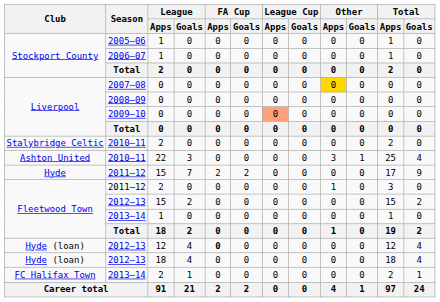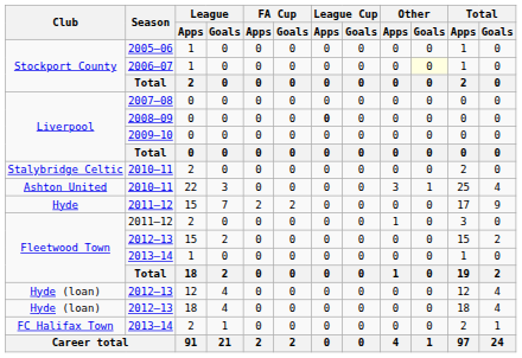 <table class="wikitable" style="text-align: center;">
 <tr>
 <th rowspan="2">Club</th>
 <th rowspan="2">Season</th>
 <th colspan="2">League</th>
 <th colspan="2">FA Cup</th>
 <th colspan="2">League Cup</th>
 <th colspan="2">Other</th>
 <th colspan="2">Total</th>
 </tr>
 <tr>
 <th>Apps</th>
 <th>Goals</th>
 <th>Apps</th>
 <th>Goals</th>
 <th>Apps</th>
 <th>Goals</th>
 <th>Apps</th>
 <th>Goals</th>
 <th>Apps</th>
 <th>Goals</th>
 </tr>
 <tr>
 <td rowspan="3"><a href='#'>Stockport County</a></td>
 <td><a href='#'>2005–06</a></td>
 <td>1</td>
 <td>0</td>
 <td>0</td>
 <td>0</td>
 <td>0</td>
 <td>0</td>
 <td>0</td>
 <td>0</td>
 <td>1</td>
 <td>0</td>
 </tr>
 <tr>
 <td><a href='#'>2006–07</a></td>
 <td>1</td>
 <td>0</td>
 <td>0</td>
 <td>0</td>
 <td>0</td>
 <td>0</td>
 <td>0</td>
-<td>0</td>
+<td style="background: lightyellow;">0</td>
 <td>1</td>
 <td>0</td>
 </tr>
 <tr>
 <th>Total</th>
 <th>2</th>
 <th>0</th>
 <th>0</th>
 <th>0</th>
 <th>0</th>
 <th>0</th>
 <th>0</th>
 <th>0</th>
 <th>2</th>
 <th>0</th>
 </tr>
 <tr>
 <td rowspan="4"><a href='#'>Liverpool</a></td>
 <td><a href='#'>2007–08</a></td>
 <td>0</td>
 <td>0</td>
 <td>0</td>
 <td>0</td>
 <td>0</td>
 <td>0</td>
-<td style="background: gold;">0</td>
+<td>0</td>
 <td>0</td>
 <td>0</td>
 <td>0</td>
 </tr>
 <tr>
 <td><a href='#'>2008–09</a></td>
 <td>0</td>
 <td>0</td>
 <td>0</td>
 <td>0</td>
-<td>0</td>
+<td><strong>0</strong></td>
 <td>0</td>
 <td>0</td>
 <td>0</td>
 <td>0</td>
 <td>0</td>
 </tr>
 <tr>
 <td><a href='#'>2009–10</a></td>
 <td>0</td>
 <td>0</td>
 <td>0</td>
 <td>0</td>
-<td style="background: lightsalmon;">0</td>
+<td>0</td>
 <td>0</td>
 <td>0</td>
 <td>0</td>
 <td>0</td>
 <td>0</td>
 </tr>
 <tr>
 <th>Total</th>
 <th>0</th>
 <th>0</th>
 <th>0</th>
 <th>0</th>
 <th>0</th>
 <th>0</th>
 <th>0</th>
 <th>0</th>
 <th>0</th>
 <th>0</th>
 </tr>
 <tr>
 <td><a href='#'>Stalybridge Celtic</a></td>
 <td><a href='#'>2010–11</a></td>
 <td>2</td>
 <td>0</td>
 <td>0</td>
 <td>0</td>
 <td>0</td>
 <td>0</td>
 <td>0</td>
 <td>0</td>
 <td>2</td>
 <td>0</td>
 </tr>
 <tr>
 <td><a href='#'>Ashton United</a></td>
 <td><a href='#'>2010–11</a></td>
 <td>22</td>
 <td>3</td>
 <td>0</td>
 <td>0</td>
 <td>0</td>
 <td>0</td>
 <td>3</td>
 <td>1</td>
 <td>25</td>
 <td>4</td>
 </tr>
 <tr>
 <td><a href='#'>Hyde</a></td>
 <td><a href='#'>2011–12</a></td>
 <td>15</td>
 <td>7</td>
 <td>2</td>
 <td>2</td>
 <td>0</td>
 <td>0</td>
 <td>0</td>
 <td>0</td>
 <td>17</td>
 <td>9</td>
 </tr>
 <tr>
 <td rowspan="4"><a href='#'>Fleetwood Town</a></td>
 <td>2011–12</td>
 <td>2</td>
 <td>0</td>
 <td>0</td>
 <td>0</td>
 <td>0</td>
 <td>0</td>
 <td>1</td>
 <td>0</td>
 <td>3</td>
 <td>0</td>
 </tr>
 <tr>
 <td><a href='#'>2012–13</a></td>
 <td>15</td>
 <td>2</td>
 <td>0</td>
 <td>0</td>
 <td>0</td>
 <td>0</td>
 <td>0</td>
 <td>0</td>
 <td>15</td>
 <td>2</td>
 </tr>
 <tr>
 <td><a href='#'>2013–14</a></td>
 <td>1</td>
 <td>0</td>
 <td>0</td>
 <td>0</td>
 <td>0</td>
 <td>0</td>
 <td>0</td>
 <td>0</td>
 <td>1</td>
 <td>0</td>
 </tr>
 <tr>
 <th>Total</th>
 <th>18</th>
 <th>2</th>
 <th>0</th>
 <th>0</th>
 <th>0</th>
 <th>0</th>
 <th>1</th>
 <th>0</th>
 <th>19</th>
 <th>2</th>
 </tr>
 <tr>
 <td><a href='#'>Hyde</a> (loan)</td>
 <td><a href='#'>2012–13</a></td>
 <td>12</td>
 <td>4</td>
-<td><strong>0</strong></td>
+<td>0</td>
 <td>0</td>
 <td>0</td>
 <td>0</td>
 <td>0</td>
 <td>0</td>
 <td>12</td>
 <td>4</td>
 </tr>
 <tr>
 <td><a href='#'>Hyde</a> (loan)</td>
 <td><a href='#'>2012–13</a></td>
 <td>18</td>
 <td>4</td>
 <td>0</td>
 <td>0</td>
 <td>0</td>
 <td>0</td>
 <td>0</td>
 <td>0</td>
 <td>18</td>
 <td>4</td>
 </tr>
 <tr>
 <td><a href='#'>FC Halifax Town</a></td>
 <td><a href='#'>2013–14</a></td>
 <td>2</td>
 <td>1</td>
 <td>0</td>
 <td>0</td>
 <td>0</td>
 <td>0</td>
 <td>0</td>
 <td>0</td>
 <td>2</td>
 <td>1</td>
 </tr>
 <tr>
 <th colspan="2">Career total</th>
 <th>91</th>
 <th>21</th>
 <th>2</th>
 <th>2</th>
 <th>0</th>
 <th>0</th>
 <th>4</th>
 <th>1</th>
 <th>97</th>
 <th>24</th>
 </tr>
 </table>
